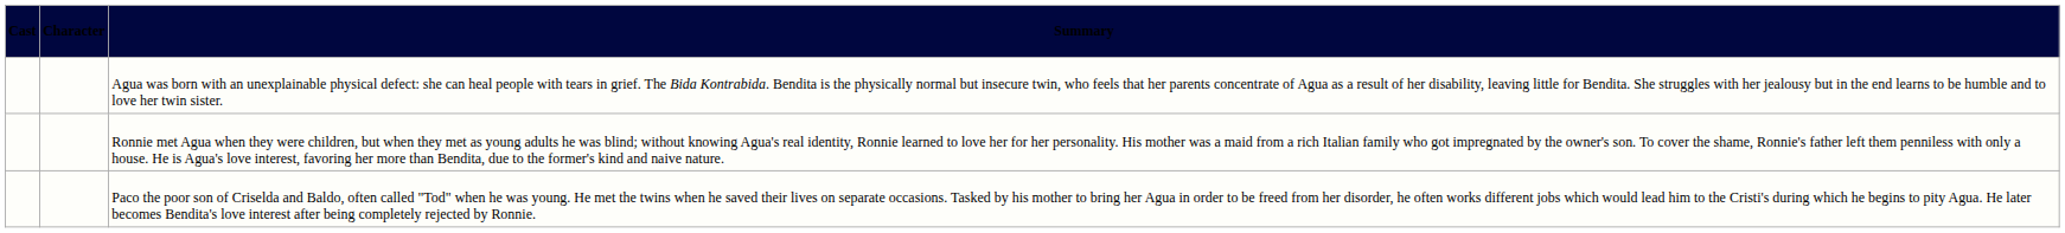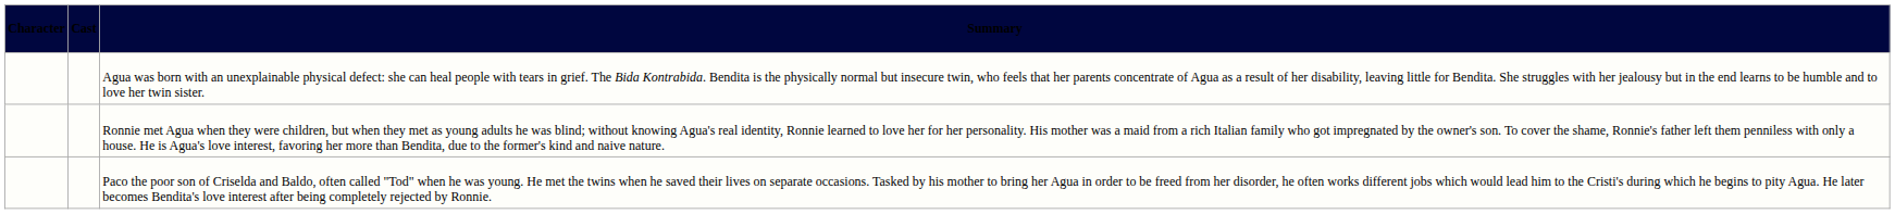 <table class="wikitable" style=" background:#FEFEFA; font-size: 85%;">
 <tr>
+<th style="background:#00063F; "><p>Character</p></th>
 <th style="background:#00063F ;"><p>Cast</p></th>
-<th style="background:#00063F; "><p>Character</p></th>
 <th style="background:#00063F ;"><p>Summary</p></th>
 </tr>
 <tr>
 <td></td>
 <td></td>
 <td><br>Agua was born with an unexplainable physical defect: she can heal people with tears in grief. The <em>Bida Kontrabida</em>. Bendita is the physically normal but insecure twin, who feels that her parents concentrate of Agua as a result of her disability, leaving little for Bendita. She struggles with her jealousy but in the end learns to be humble and to love her twin sister.</td>
 </tr>
 <tr>
 <td></td>
 <td></td>
 <td><br>Ronnie met Agua when they were children, but when they met as young adults he was blind; without knowing Agua's real identity, Ronnie learned to love her for her personality. His mother was a maid from a rich Italian family who got impregnated by the owner's son. To cover the shame, Ronnie's father left them penniless with only a house. He is Agua's love interest, favoring her more than Bendita, due to the former's kind and naive nature.</td>
 </tr>
 <tr>
 <td></td>
 <td></td>
 <td><br>Paco the poor son of Criselda and Baldo, often called "Tod" when he was young. He met the twins when he saved their lives on separate occasions. Tasked by his mother to bring her Agua in order to be freed from her disorder, he often works different jobs which would lead him to the Cristi's during which he begins to pity Agua. He later becomes Bendita's love interest after being completely rejected by Ronnie.</td>
 </tr>
 </table>
